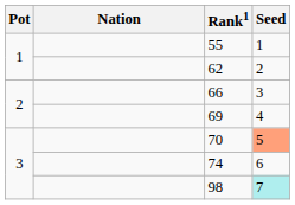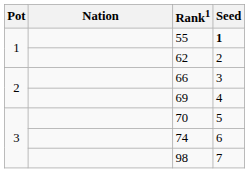 <table class="wikitable">
 <tr>
 <th>Pot</th>
 <th width="175">Nation</th>
 <th>Rank<sup>1</sup></th>
 <th>Seed</th>
 </tr>
 <tr>
 <td rowspan=2 style="text-align:center;">1</td>
 <td></td>
 <td>55</td>
-<td>1</td>
+<td><strong>1</strong></td>
 </tr>
 <tr>
 <td></td>
 <td>62</td>
 <td>2</td>
 </tr>
 <tr>
 <td rowspan=2 style="text-align:center;">2</td>
 <td></td>
 <td>66</td>
 <td>3</td>
 </tr>
 <tr>
 <td></td>
 <td>69</td>
 <td>4</td>
 </tr>
 <tr>
 <td rowspan=3 style="text-align:center;">3</td>
 <td></td>
 <td>70</td>
-<td style="background: lightsalmon;">5</td>
+<td>5</td>
 </tr>
 <tr>
 <td></td>
 <td>74</td>
 <td>6</td>
 </tr>
 <tr>
 <td></td>
 <td>98</td>
-<td style="background: paleturquoise;">7</td>
+<td>7</td>
 </tr>
 </table>
